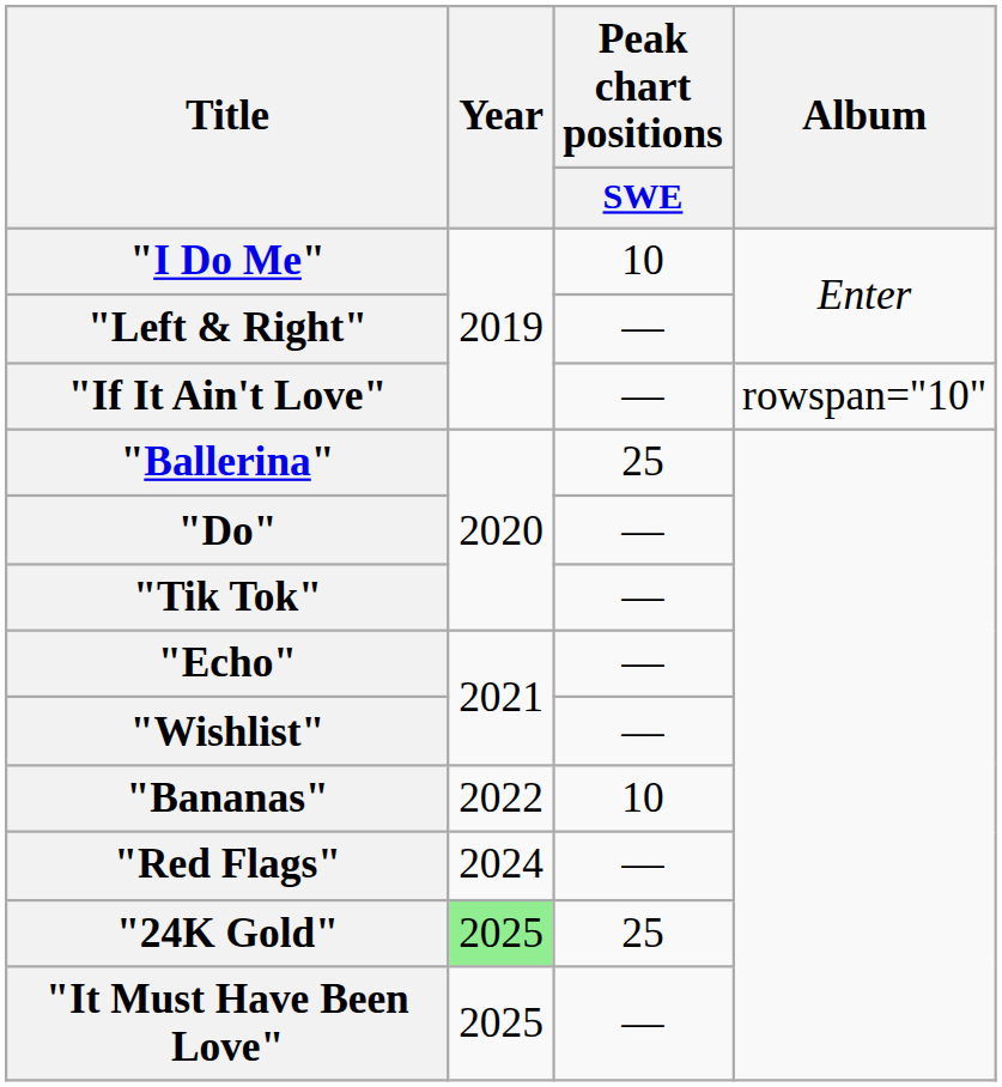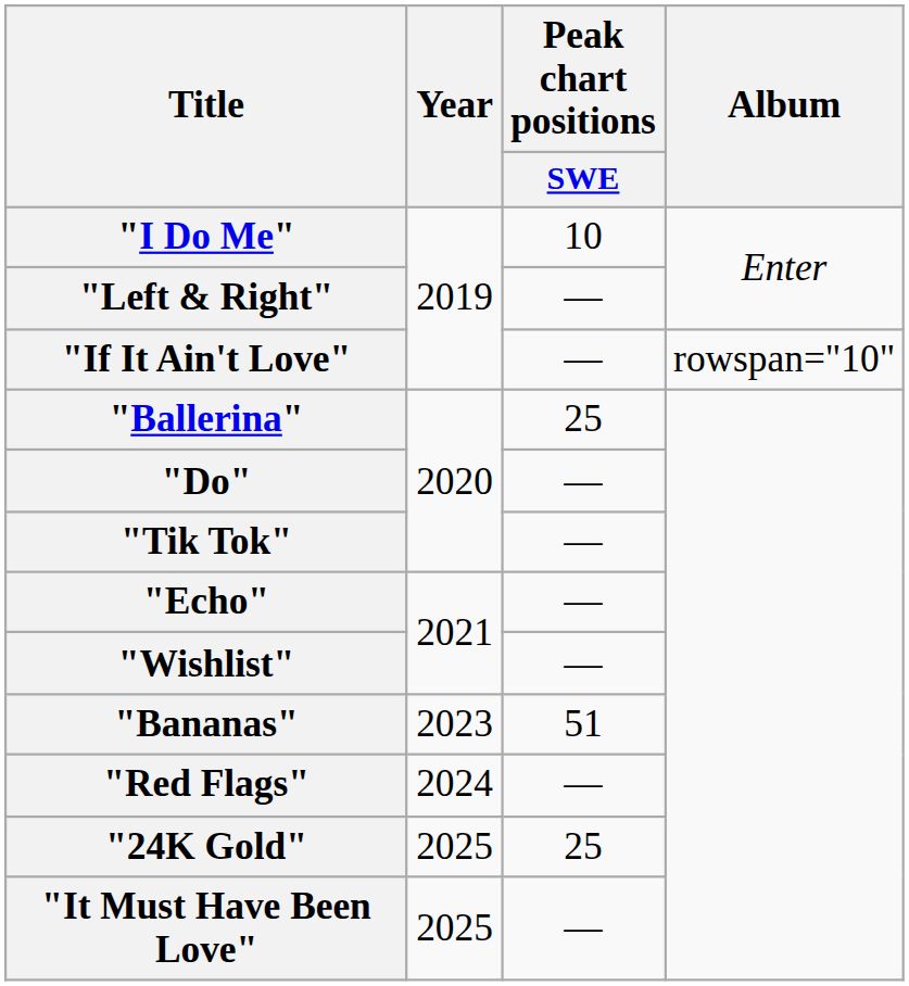 <table class="wikitable plainrowheaders" style="text-align:center;">
 <tr>
 <th scope="col" rowspan="2" style="width:10em;">Title</th>
 <th scope="col" rowspan="2" style="width:1em;">Year</th>
 <th scope="col" colspan="1">Peak chart positions</th>
 <th scope="col" rowspan="2">Album</th>
 </tr>
 <tr>
 <th scope="col" style="width:3em;font-size:85%;"><a href='#'>SWE</a><br></th>
 </tr>
 <tr>
 <th scope="row">"<a href='#'>I Do Me</a>"</th>
 <td rowspan="3">2019</td>
 <td>10</td>
 <td rowspan="2"><em>Enter</em></td>
 </tr>
 <tr>
 <th scope="row">"Left & Right"</th>
 <td>—</td>
 </tr>
 <tr>
 <th scope="row">"If It Ain't Love"</th>
 <td>—</td>
 <td>rowspan="10" </td>
 </tr>
 <tr>
 <th scope="row">"<a href='#'>Ballerina</a>"</th>
 <td rowspan="3">2020</td>
 <td>25<br></td>
 </tr>
 <tr>
 <th scope="row">"Do" </th>
 <td>—</td>
 </tr>
 <tr>
 <th scope="row">"Tik Tok"</th>
 <td>—</td>
 </tr>
 <tr>
 <th scope="row">"Echo"</th>
 <td rowspan="2">2021</td>
 <td>—</td>
 </tr>
 <tr>
 <th scope="row">"Wishlist"</th>
 <td>—</td>
 </tr>
 <tr>
 <th scope="row">"Bananas"</th>
-<td>2022</td>
-<td>10</td>
+<td>2023</td>
+<td>51<br></td>
 </tr>
 <tr>
 <th scope="row">"Red Flags"</th>
 <td>2024</td>
 <td>—</td>
 </tr>
 <tr>
 <th scope="row">"24K Gold"</th>
-<td style="background: lightgreen;">2025</td>
+<td>2025</td>
 <td>25<br></td>
 </tr>
 <tr>
 <th scope="row">"It Must Have Been Love"</th>
 <td>2025</td>
 <td>—</td>
 </tr>
 </table>
